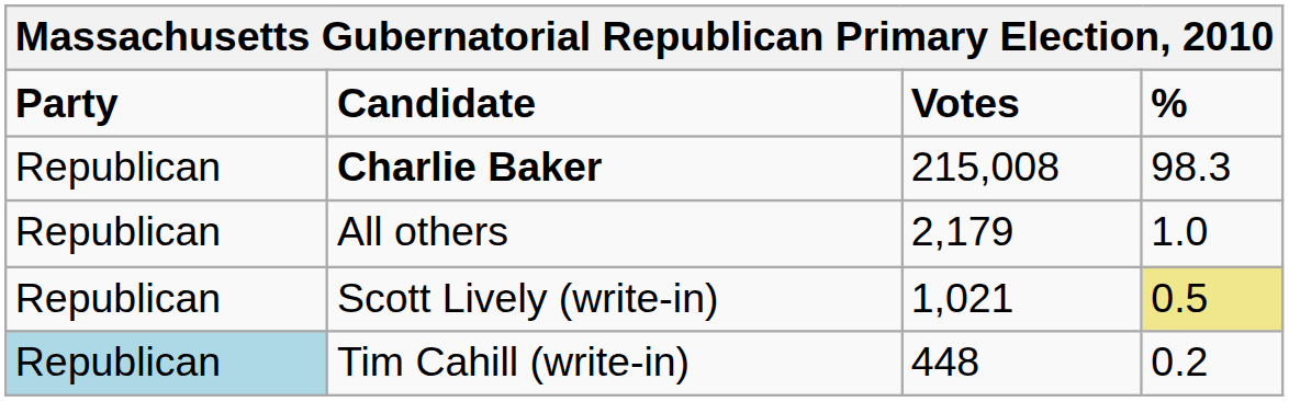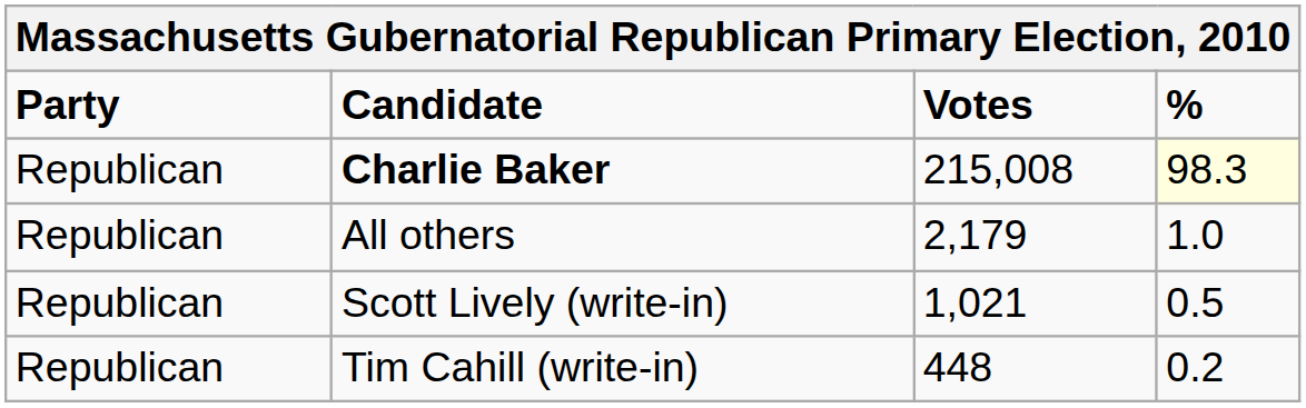 <table class="wikitable">
 <tr>
 <th colspan="4">Massachusetts Gubernatorial Republican Primary Election, 2010</th>
 </tr>
 <tr>
 <td><strong>Party</strong></td>
 <td><strong>Candidate</strong></td>
 <td><strong>Votes</strong></td>
 <td><strong>%</strong></td>
 </tr>
 <tr>
 <td>Republican</td>
 <td><strong>Charlie Baker</strong></td>
 <td>215,008</td>
-<td>98.3</td>
+<td style="background: lightyellow;">98.3</td>
 </tr>
 <tr>
 <td>Republican</td>
 <td>All others</td>
 <td>2,179</td>
 <td>1.0</td>
 </tr>
 <tr>
 <td>Republican</td>
 <td>Scott Lively (write-in)</td>
 <td>1,021</td>
-<td style="background: khaki;">0.5</td>
+<td>0.5</td>
 </tr>
 <tr>
-<td style="background: lightblue;">Republican</td>
+<td>Republican</td>
 <td>Tim Cahill (write-in)</td>
 <td>448</td>
 <td>0.2</td>
 </tr>
 </table>
